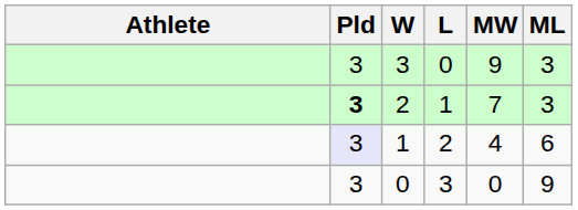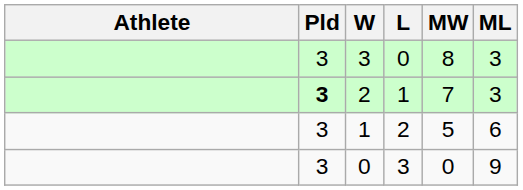 <table class="wikitable" style="text-align:center">
 <tr>
 <th width=200>Athlete</th>
 <th width=20>Pld</th>
 <th width=20>W</th>
 <th width=20>L</th>
 <th width=20>MW</th>
 <th width=20>ML</th>
 </tr>
 <tr bgcolor="ccffcc">
 <td style="text-align:left"></td>
 <td>3</td>
 <td>3</td>
 <td>0</td>
-<td>9</td>
+<td>8</td>
 <td>3</td>
 </tr>
 <tr bgcolor="ccffcc">
 <td style="text-align:left"></td>
 <td><strong>3</strong></td>
 <td>2</td>
 <td>1</td>
 <td>7</td>
 <td>3</td>
 </tr>
 <tr>
 <td style="text-align:left"></td>
-<td style="background: lavender;">3</td>
+<td>3</td>
 <td>1</td>
 <td>2</td>
-<td>4</td>
+<td>5</td>
 <td>6</td>
 </tr>
 <tr>
 <td style="text-align:left"></td>
 <td>3</td>
 <td>0</td>
 <td>3</td>
 <td>0</td>
 <td>9</td>
 </tr>
 </table>
